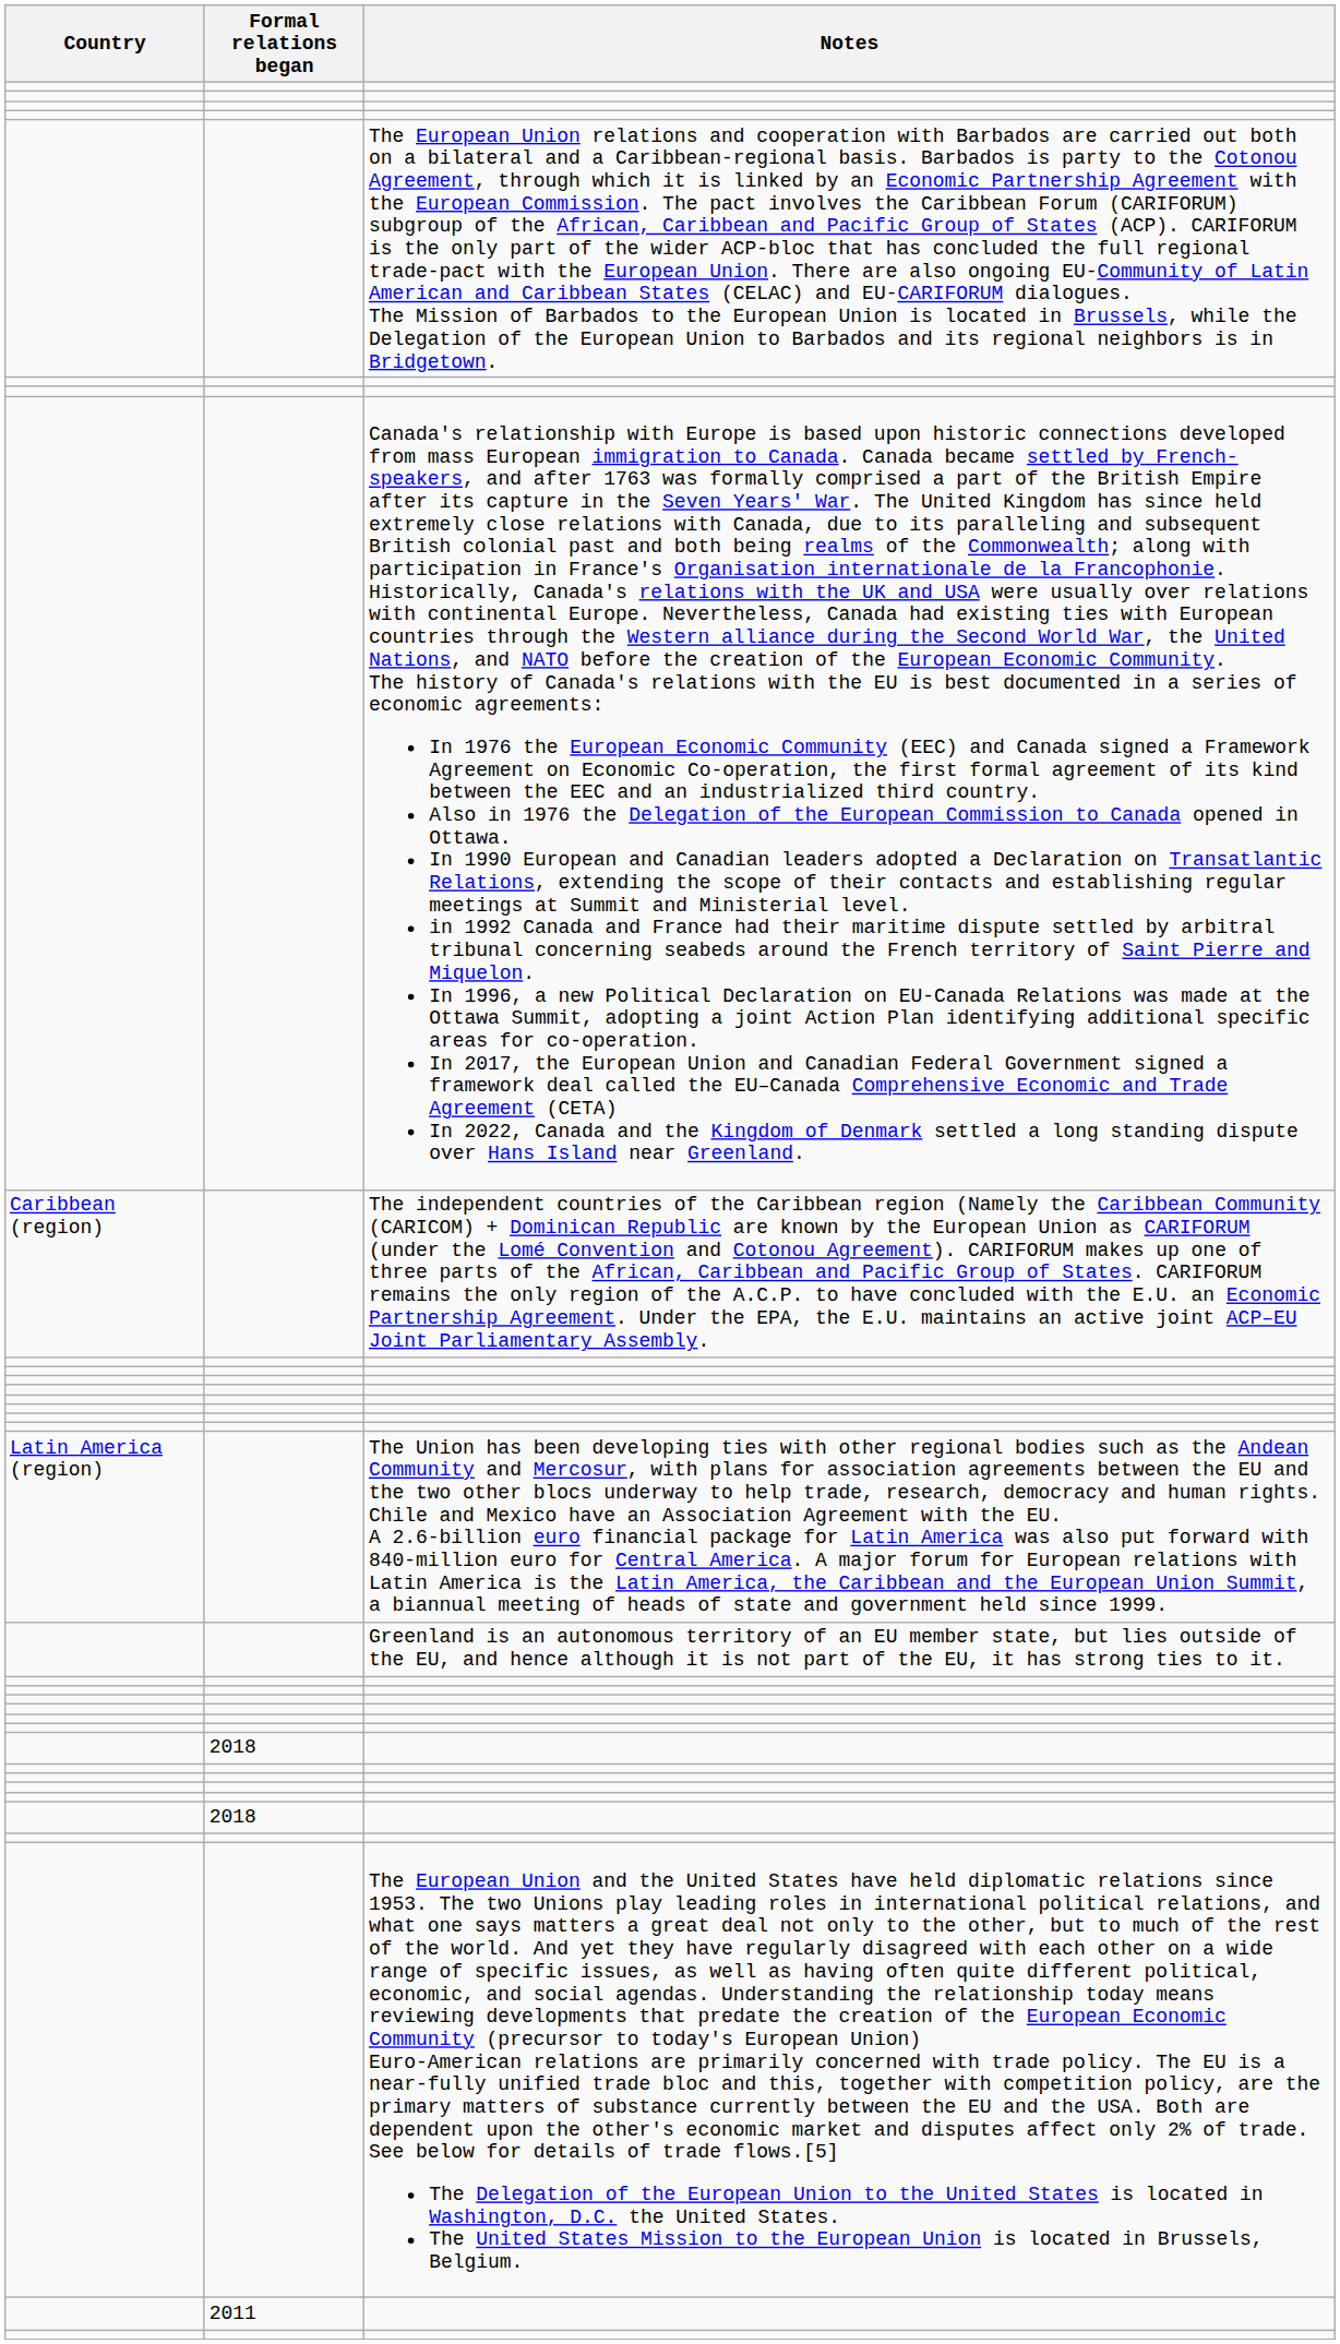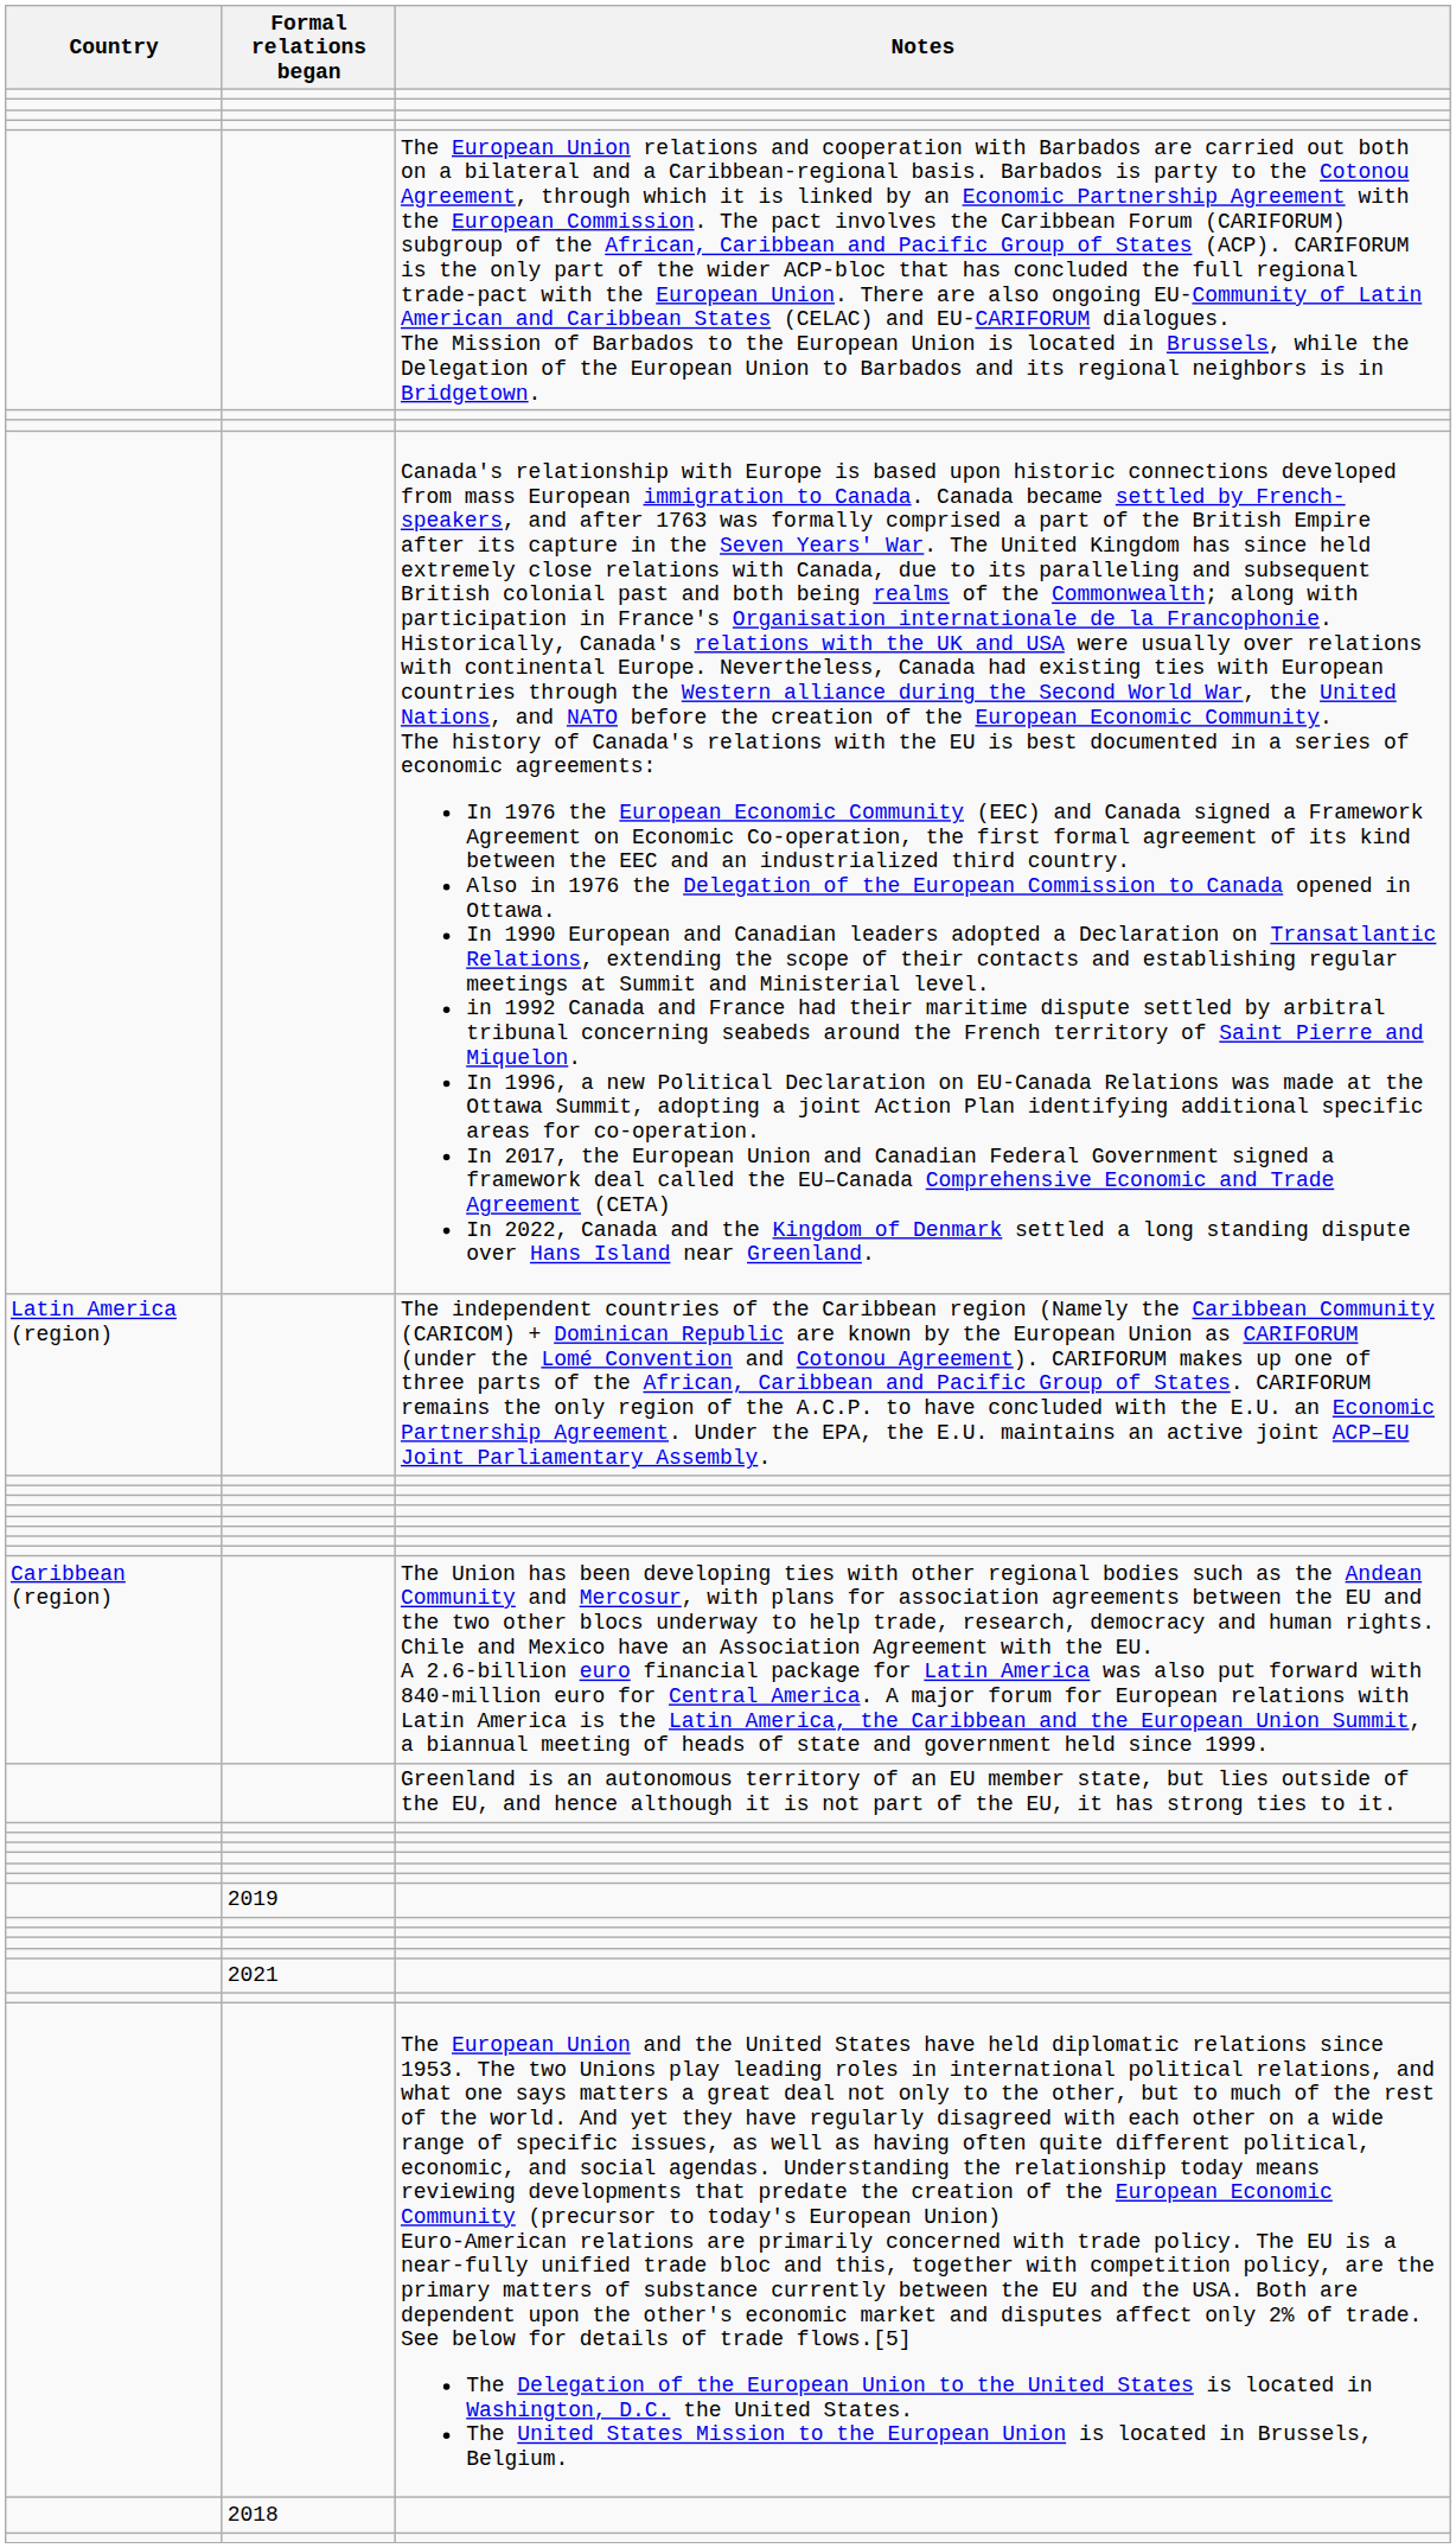 <table class="wikitable sortable" style="width:100%; margin:auto;">
 <tr>
 <th style="width:15%;">Country</th>
 <th style="width:12%;">Formal relations began</th>
 <th>Notes</th>
 </tr>
 <tr valign="top">
 <td></td>
 <td></td>
 <td></td>
 </tr>
 <tr valign="top">
 <td></td>
 <td></td>
 <td></td>
 </tr>
 <tr valign="top">
 <td></td>
 <td></td>
 <td></td>
 </tr>
 <tr valign="top">
 <td></td>
 <td></td>
 <td></td>
 </tr>
 <tr valign="top">
 <td></td>
 <td></td>
 <td>The <a href='#'>European Union</a> relations and cooperation with Barbados are carried out both on a bilateral and a Caribbean-regional basis. Barbados is party to the <a href='#'>Cotonou Agreement</a>, through which  it is linked by an <a href='#'>Economic Partnership Agreement</a> with the <a href='#'>European Commission</a>.  The pact involves the Caribbean Forum (CARIFORUM) subgroup of the <a href='#'>African, Caribbean and Pacific Group of States</a> (ACP). CARIFORUM is the only part of the wider ACP-bloc that has concluded the full regional trade-pact with the <a href='#'>European Union</a>.  There are also ongoing EU-<a href='#'>Community of Latin American and Caribbean States</a> (CELAC) and EU-<a href='#'>CARIFORUM</a> dialogues.<br>The Mission of Barbados to the European Union is located in <a href='#'>Brussels</a>, while the Delegation of the European Union to Barbados and its regional neighbors is in <a href='#'>Bridgetown</a>.</td>
 </tr>
 <tr valign="top">
 <td></td>
 <td></td>
 <td></td>
 </tr>
 <tr valign="top">
 <td></td>
 <td></td>
 <td></td>
 </tr>
 <tr valign="top">
 <td></td>
 <td></td>
 <td><br>Canada's relationship with Europe is based upon historic connections developed from mass European <a href='#'>immigration to Canada</a>. Canada became <a href='#'>settled by French-speakers</a>, and after 1763 was formally comprised a part of the British Empire after its capture in the <a href='#'>Seven Years' War</a>.  The United Kingdom has since held extremely close relations with Canada, due to its paralleling and subsequent British colonial past and both being <a href='#'>realms</a> of the <a href='#'>Commonwealth</a>; along with participation in France's <a href='#'>Organisation internationale de la Francophonie</a>.<br>Historically, Canada's <a href='#'>relations with the UK and USA</a> were usually  over relations with continental Europe.  Nevertheless, Canada had existing ties with European countries through the <a href='#'>Western alliance during the Second World War</a>, the <a href='#'>United Nations</a>, and <a href='#'>NATO</a> before the creation of the <a href='#'>European Economic Community</a>.<br>The history of Canada's relations with the EU is best documented in a series of economic agreements:<ul><li>In 1976 the <a href='#'>European Economic Community</a> (EEC) and Canada signed a Framework Agreement on Economic Co-operation, the first formal agreement of its kind between the EEC and an industrialized third country.</li><li>Also in 1976 the <a href='#'>Delegation of the European Commission to Canada</a> opened in Ottawa.</li><li>In 1990 European and Canadian leaders adopted a Declaration on <a href='#'>Transatlantic Relations</a>, extending the scope of their contacts and establishing regular meetings at Summit and Ministerial level.</li><li>in 1992 Canada and France had their maritime dispute settled by arbitral tribunal concerning seabeds around the French territory of <a href='#'>Saint Pierre and Miquelon</a>.</li><li>In 1996, a new Political Declaration on EU-Canada Relations was made at the Ottawa Summit, adopting a joint Action Plan identifying additional specific areas for co-operation.</li><li>In 2017, the European Union and Canadian Federal Government signed a framework deal called the EU–Canada <a href='#'>Comprehensive Economic and Trade Agreement</a> (CETA)</li><li>In 2022, Canada and the <a href='#'>Kingdom of Denmark</a> settled a long standing dispute over <a href='#'>Hans Island</a> near <a href='#'>Greenland</a>.</li></ul></td>
 </tr>
 <tr valign="top">
-<td><a href='#'>Caribbean</a> (region)</td>
+<td><a href='#'>Latin America</a> (region)</td>
 <td></td>
 <td>The independent countries of the Caribbean region (Namely the <a href='#'>Caribbean Community</a> (CARICOM) + <a href='#'>Dominican Republic</a> are known by the European Union as <a href='#'>CARIFORUM</a> (under the <a href='#'>Lomé Convention</a> and <a href='#'>Cotonou Agreement</a>).  CARIFORUM makes up one of three parts of the <a href='#'>African, Caribbean and Pacific Group of States</a>. CARIFORUM remains the only region of the A.C.P. to have concluded with the E.U. an <a href='#'>Economic Partnership Agreement</a>.  Under the EPA, the E.U. maintains an active joint <a href='#'>ACP–EU Joint Parliamentary Assembly</a>.</td>
 </tr>
 <tr valign="top">
 <td></td>
 <td></td>
 <td></td>
 </tr>
 <tr valign="top">
 <td></td>
 <td></td>
 <td></td>
 </tr>
 <tr valign="top">
 <td></td>
 <td></td>
 <td></td>
 </tr>
 <tr valign="top">
 <td></td>
 <td></td>
 <td></td>
 </tr>
 <tr valign="top">
 <td></td>
 <td></td>
 <td></td>
 </tr>
 <tr valign="top">
 <td></td>
 <td></td>
 <td></td>
 </tr>
 <tr valign="top">
 <td></td>
 <td></td>
 <td></td>
 </tr>
 <tr valign="top">
 <td></td>
 <td></td>
 <td></td>
 </tr>
 <tr valign="top">
-<td><a href='#'>Latin America</a> (region)</td>
+<td><a href='#'>Caribbean</a> (region)</td>
 <td></td>
 <td>The Union has been developing ties with other regional bodies such as the <a href='#'>Andean Community</a> and <a href='#'>Mercosur</a>, with plans for association agreements between the EU and the two other blocs underway to help trade, research, democracy and human rights. Chile and Mexico have an Association Agreement with the EU.<br>A 2.6-billion <a href='#'>euro</a> financial package for <a href='#'>Latin America</a> was also put forward with 840-million euro for <a href='#'>Central America</a>. A major forum for European relations with Latin America is the <a href='#'>Latin America, the Caribbean and the European Union Summit</a>, a biannual meeting of heads of state and government held since 1999.</td>
 </tr>
 <tr valign="top">
 <td></td>
 <td></td>
 <td> Greenland is an autonomous territory of an EU member state, but lies outside of the EU, and hence although it is not part of the EU, it has strong ties to it.</td>
 </tr>
 <tr valign="top">
 <td></td>
 <td></td>
 <td></td>
 </tr>
 <tr valign="top">
 <td></td>
 <td></td>
 <td></td>
 </tr>
 <tr valign="top">
 <td></td>
 <td></td>
 <td></td>
 </tr>
 <tr valign="top">
 <td></td>
 <td></td>
 <td></td>
 </tr>
 <tr valign="top">
 <td></td>
 <td></td>
 <td></td>
 </tr>
 <tr valign="top">
 <td></td>
 <td></td>
 <td></td>
 </tr>
 <tr valign="top">
 <td></td>
-<td>2018</td>
+<td>2019</td>
 <td></td>
 </tr>
 <tr valign="top">
 <td></td>
 <td></td>
 <td></td>
 </tr>
 <tr valign="top">
 <td></td>
 <td></td>
 <td></td>
 </tr>
 <tr valign="top">
 <td></td>
 <td></td>
 <td></td>
 </tr>
 <tr valign="top">
 <td></td>
 <td></td>
 <td></td>
 </tr>
 <tr valign="top">
 <td></td>
-<td>2018</td>
+<td>2021</td>
 <td></td>
 </tr>
 <tr valign="top">
 <td></td>
 <td></td>
 <td></td>
 </tr>
 <tr valign="top">
 <td></td>
 <td></td>
 <td><br>The <a href='#'>European Union</a> and the United States have held diplomatic relations since 1953. The two Unions play leading roles in international political relations, and what one says matters a great deal not only to the other, but to much of the rest of the world. And yet they have regularly disagreed with each other on a wide range of specific issues, as well as having often quite different political, economic, and social agendas. Understanding the relationship today means reviewing developments that predate the creation of the <a href='#'>European Economic Community</a> (precursor to today's European Union)<br>Euro-American relations are primarily concerned with trade policy. The EU is a near-fully unified trade bloc and this, together with competition policy, are the primary matters of substance currently between the EU and the USA. Both are dependent upon the other's economic market and disputes affect only 2% of trade. See below for details of trade flows.[5]<ul><li>The <a href='#'>Delegation of the European Union to the United States</a> is located in <a href='#'>Washington, D.C.</a> the United States.</li><li>The <a href='#'>United States Mission to the European Union</a> is located in Brussels, Belgium.</li></ul></td>
 </tr>
 <tr valign="top">
 <td></td>
-<td>2011</td>
+<td>2018</td>
 <td></td>
 </tr>
 <tr valign="top">
 <td></td>
 <td></td>
 <td></td>
 </tr>
 </table>
